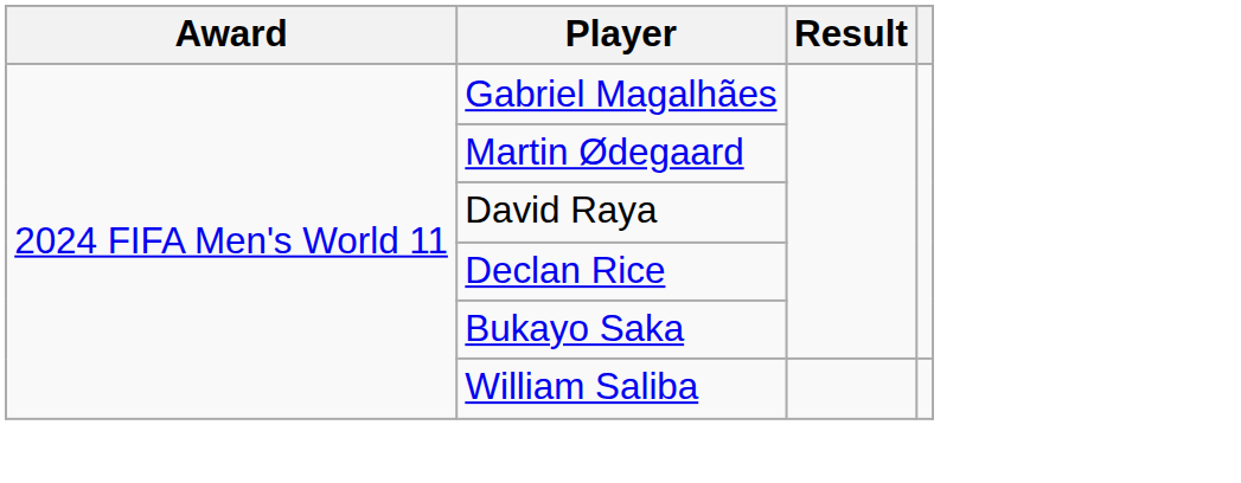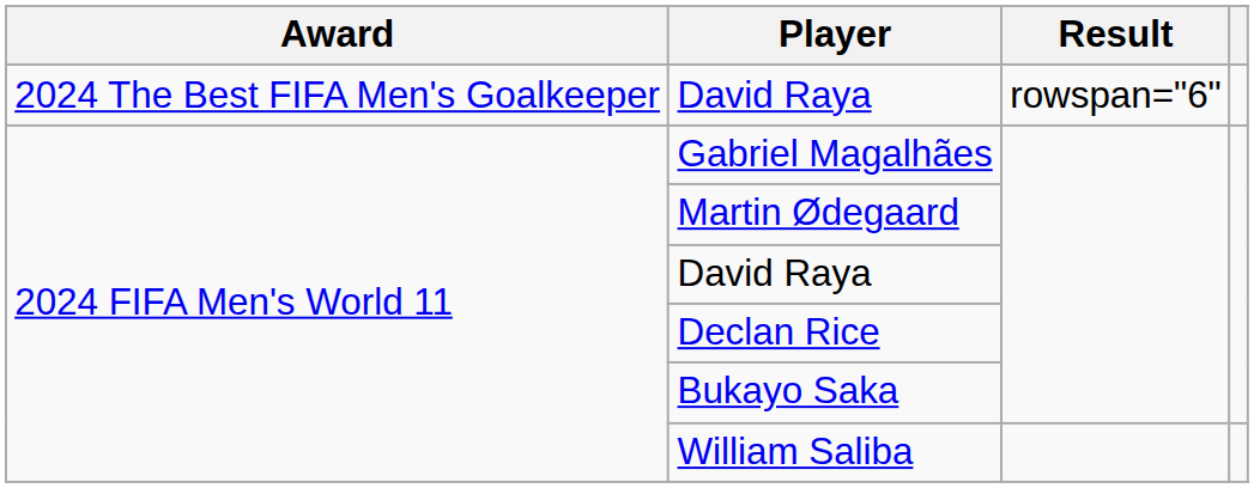 <table class="wikitable" style="text-align:center;">
 <tr>
 <th>Award</th>
 <th>Player</th>
 <th>Result</th>
 <th></th>
+</tr>
+<tr>
+<td style="text-align:left;"><a href='#'>2024 The Best FIFA Men's Goalkeeper</a></td>
+<td style="text-align:left;"> <a href='#'>David Raya</a></td>
+<td>rowspan="6" </td>
+<td></td>
 </tr>
 <tr>
 <td rowspan="6" style="text-align:left;"><a href='#'>2024 FIFA Men's World 11</a></td>
 <td style="text-align:left;"> <a href='#'>Gabriel Magalhães</a></td>
 <td rowspan="5"></td>
 </tr>
 <tr>
 <td style="text-align:left;"> <a href='#'>Martin Ødegaard</a></td>
 </tr>
 <tr>
 <td style="text-align:left;"> David Raya</td>
 </tr>
 <tr>
 <td style="text-align:left;"> <a href='#'>Declan Rice</a></td>
 </tr>
 <tr>
 <td style="text-align:left;"> <a href='#'>Bukayo Saka</a></td>
 </tr>
 <tr>
 <td style="text-align:left;"> <a href='#'>William Saliba</a></td>
 <td></td>
 <td></td>
 </tr>
 </table>
